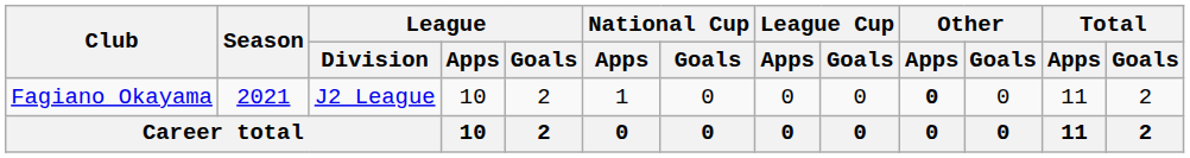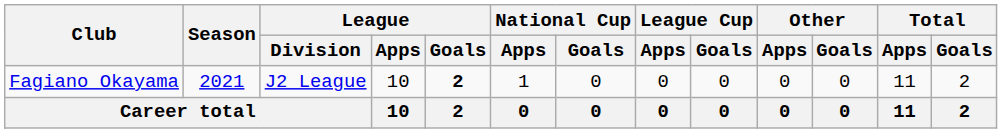 <table class="wikitable" style="text-align: center">
 <tr>
 <th rowspan="2">Club</th>
 <th rowspan="2">Season</th>
 <th colspan="3">League</th>
 <th colspan="2">National Cup</th>
 <th colspan="2">League Cup</th>
 <th colspan="2">Other</th>
 <th colspan="2">Total</th>
 </tr>
 <tr>
 <th>Division</th>
 <th>Apps</th>
 <th>Goals</th>
 <th>Apps</th>
 <th>Goals</th>
 <th>Apps</th>
 <th>Goals</th>
 <th>Apps</th>
 <th>Goals</th>
 <th>Apps</th>
 <th>Goals</th>
 </tr>
 <tr>
 <td><a href='#'>Fagiano Okayama</a></td>
 <td><a href='#'>2021</a></td>
 <td><a href='#'>J2 League</a></td>
 <td>10</td>
-<td>2</td>
+<td><strong>2</strong></td>
 <td>1</td>
 <td>0</td>
 <td>0</td>
 <td>0</td>
-<td><strong>0</strong></td>
+<td>0</td>
 <td>0</td>
 <td>11</td>
 <td>2</td>
 </tr>
 <tr>
 <th colspan=3>Career total</th>
 <th>10</th>
 <th>2</th>
 <th>0</th>
 <th>0</th>
 <th>0</th>
 <th>0</th>
 <th>0</th>
 <th>0</th>
 <th>11</th>
 <th>2</th>
 </tr>
 </table>
